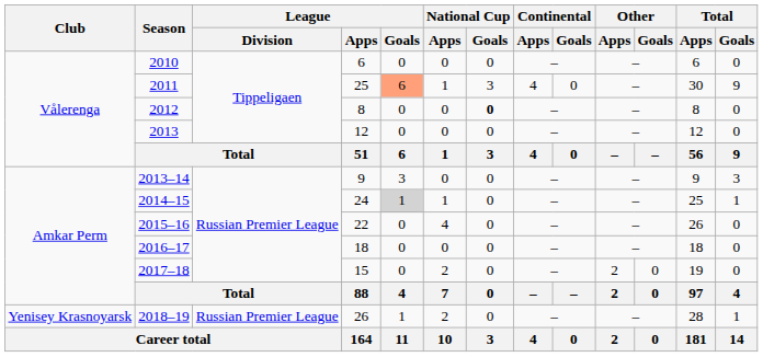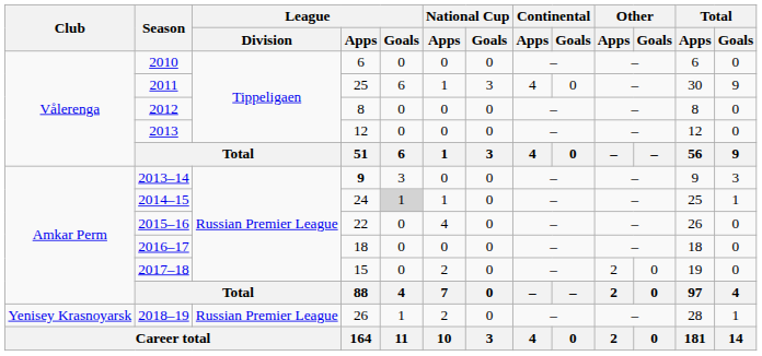 <table class="wikitable" style="text-align: center;">
 <tr>
 <th rowspan="2">Club</th>
 <th rowspan="2">Season</th>
 <th colspan="3">League</th>
 <th colspan="2">National Cup</th>
 <th colspan="2">Continental</th>
 <th colspan="2">Other</th>
 <th colspan="2">Total</th>
 </tr>
 <tr>
 <th>Division</th>
 <th>Apps</th>
 <th>Goals</th>
 <th>Apps</th>
 <th>Goals</th>
 <th>Apps</th>
 <th>Goals</th>
 <th>Apps</th>
 <th>Goals</th>
 <th>Apps</th>
 <th>Goals</th>
 </tr>
 <tr>
 <td rowspan="5" valign="center"><a href='#'>Vålerenga</a></td>
 <td><a href='#'>2010</a></td>
 <td rowspan="4" valign="center"><a href='#'>Tippeligaen</a></td>
 <td>6</td>
 <td>0</td>
 <td>0</td>
 <td>0</td>
 <td colspan="2">–</td>
 <td colspan="2">–</td>
 <td>6</td>
 <td>0</td>
 </tr>
 <tr>
 <td><a href='#'>2011</a></td>
 <td>25</td>
-<td style="background: lightsalmon;">6</td>
+<td>6</td>
 <td>1</td>
 <td>3</td>
 <td>4</td>
 <td>0</td>
 <td colspan="2">–</td>
 <td>30</td>
 <td>9</td>
 </tr>
 <tr>
 <td><a href='#'>2012</a></td>
 <td>8</td>
 <td>0</td>
 <td>0</td>
-<td><strong>0</strong></td>
+<td>0</td>
 <td colspan="2">–</td>
 <td colspan="2">–</td>
 <td>8</td>
 <td>0</td>
 </tr>
 <tr>
 <td><a href='#'>2013</a></td>
 <td>12</td>
 <td>0</td>
 <td>0</td>
 <td>0</td>
 <td colspan="2">–</td>
 <td colspan="2">–</td>
 <td>12</td>
 <td>0</td>
 </tr>
 <tr>
 <th colspan="2">Total</th>
 <th>51</th>
 <th>6</th>
 <th>1</th>
 <th>3</th>
 <th>4</th>
 <th>0</th>
 <th>–</th>
 <th>–</th>
 <th>56</th>
 <th>9</th>
 </tr>
 <tr>
 <td rowspan="6" valign="center"><a href='#'>Amkar Perm</a></td>
 <td><a href='#'>2013–14</a></td>
 <td rowspan="5" valign="center"><a href='#'>Russian Premier League</a></td>
-<td>9</td>
+<td><strong>9</strong></td>
 <td>3</td>
 <td>0</td>
 <td>0</td>
 <td colspan="2">–</td>
 <td colspan="2">–</td>
 <td>9</td>
 <td>3</td>
 </tr>
 <tr>
 <td><a href='#'>2014–15</a></td>
 <td>24</td>
 <td style="background: lightgrey;">1</td>
 <td>1</td>
 <td>0</td>
 <td colspan="2">–</td>
 <td colspan="2">–</td>
 <td>25</td>
 <td>1</td>
 </tr>
 <tr>
 <td><a href='#'>2015–16</a></td>
 <td>22</td>
 <td>0</td>
 <td>4</td>
 <td>0</td>
 <td colspan="2">–</td>
 <td colspan="2">–</td>
 <td>26</td>
 <td>0</td>
 </tr>
 <tr>
 <td><a href='#'>2016–17</a></td>
 <td>18</td>
 <td>0</td>
 <td>0</td>
 <td>0</td>
 <td colspan="2">–</td>
 <td colspan="2">–</td>
 <td>18</td>
 <td>0</td>
 </tr>
 <tr>
 <td><a href='#'>2017–18</a></td>
 <td>15</td>
 <td>0</td>
 <td>2</td>
 <td>0</td>
 <td colspan="2">–</td>
 <td>2</td>
 <td>0</td>
 <td>19</td>
 <td>0</td>
 </tr>
 <tr>
 <th colspan="2">Total</th>
 <th>88</th>
 <th>4</th>
 <th>7</th>
 <th>0</th>
 <th>–</th>
 <th>–</th>
 <th>2</th>
 <th>0</th>
 <th>97</th>
 <th>4</th>
 </tr>
 <tr>
 <td rowspan="1" valign="center"><a href='#'>Yenisey Krasnoyarsk</a></td>
 <td><a href='#'>2018–19</a></td>
 <td rowspan="1" valign="center"><a href='#'>Russian Premier League</a></td>
 <td>26</td>
 <td>1</td>
 <td>2</td>
 <td>0</td>
 <td colspan="2">–</td>
 <td colspan="2">–</td>
 <td>28</td>
 <td>1</td>
 </tr>
 <tr>
 <th colspan="3">Career total</th>
 <th>164</th>
 <th>11</th>
 <th>10</th>
 <th>3</th>
 <th>4</th>
 <th>0</th>
 <th>2</th>
 <th>0</th>
 <th>181</th>
 <th>14</th>
 </tr>
 </table>
